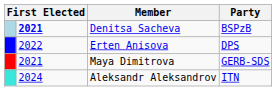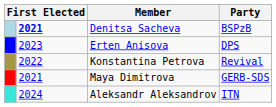 <table class="wikitable">
 <tr>
 <th colspan="2">First Elected</th>
 <th>Member</th>
 <th>Party</th>
 </tr>
 <tr>
 <td style="background-color: lightblue"></td>
 <td><strong><a href='#'>2021</a></strong></td>
 <td><a href='#'>Denitsa Sacheva</a></td>
 <td><a href='#'>BSPzB</a></td>
 </tr>
 <tr>
 <td style="background-color: blue"></td>
-<td><a href='#'>2022</a></td>
+<td><a href='#'>2023</a></td>
 <td><a href='#'>Erten Anisova</a></td>
 <td><a href='#'>DPS</a></td>
+</tr>
+<tr>
+<td style="background-color: #a89845"></td>
+<td><a href='#'>2022</a></td>
+<td>Konstantina Petrova</td>
+<td><a href='#'>Revival</a></td>
 </tr>
 <tr>
 <td style="background-color: red"></td>
 <td><a href='#'>2021</a></td>
 <td>Maya Dimitrova</td>
 <td><a href='#'>GERB-SDS</a></td>
 </tr>
 <tr>
 <td style="background-color: #39e6da"></td>
 <td><a href='#'>2024</a></td>
 <td>Aleksandr Aleksandrov</td>
 <td><a href='#'>ITN</a></td>
 </tr>
 </table>
